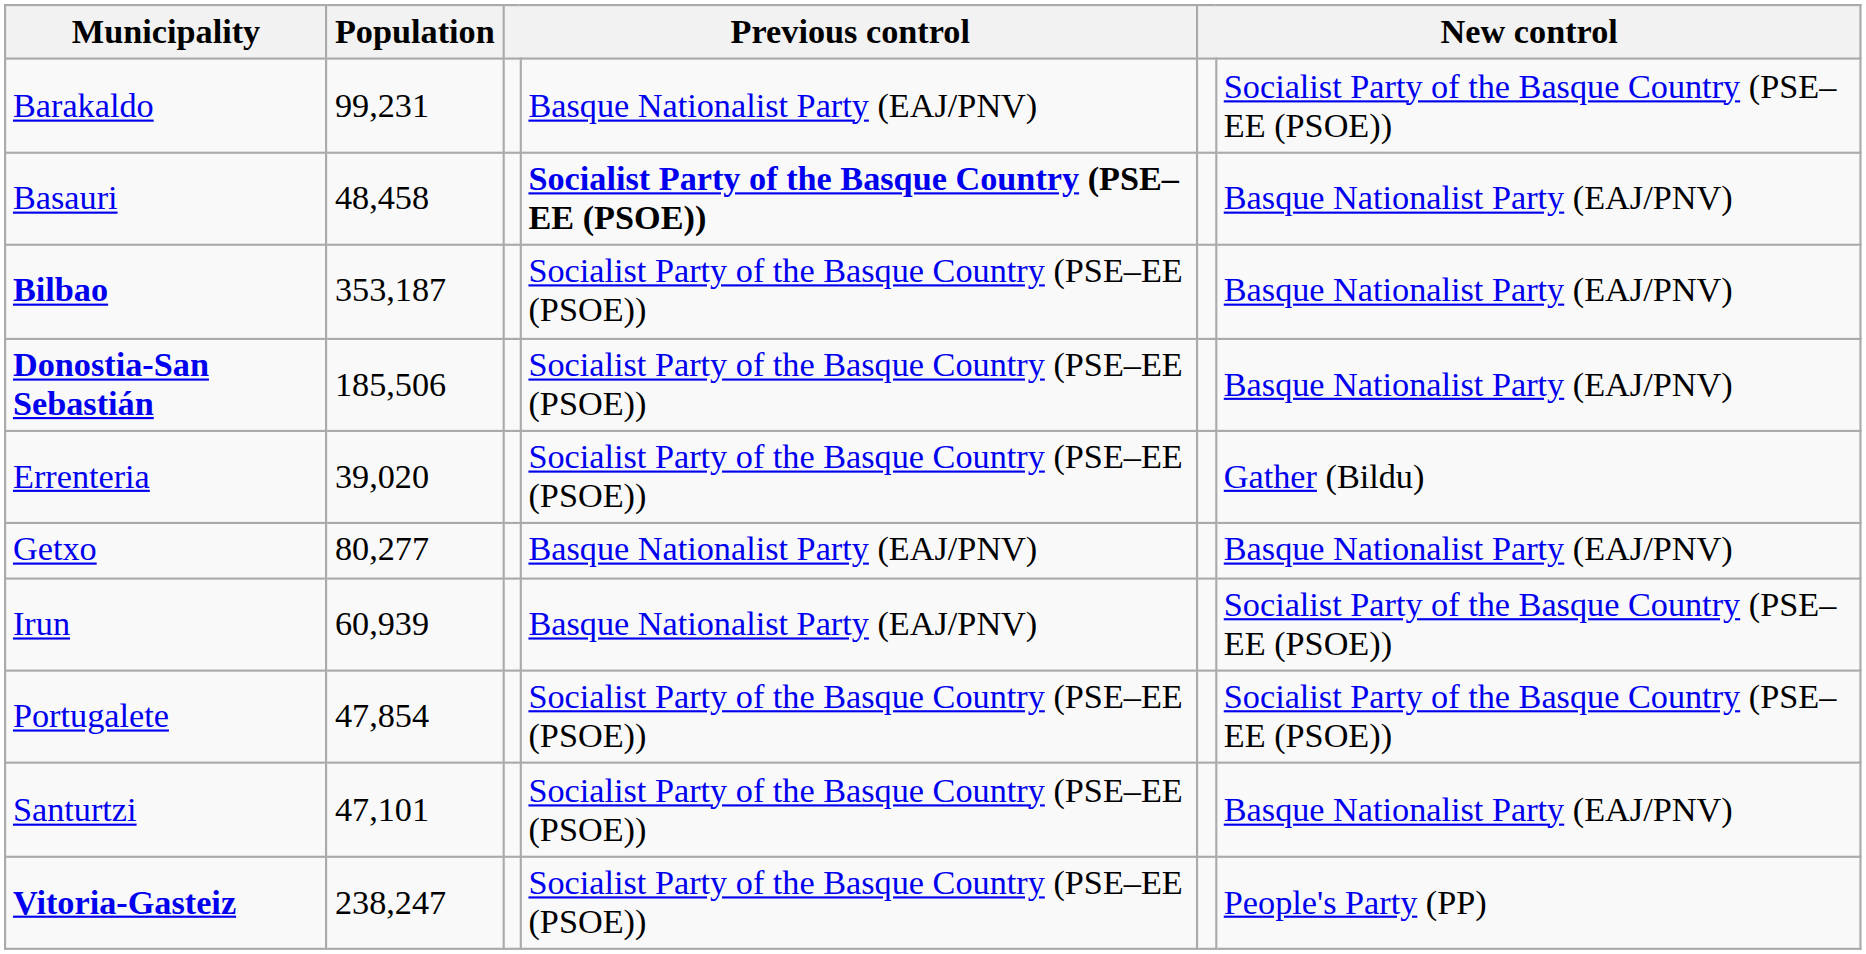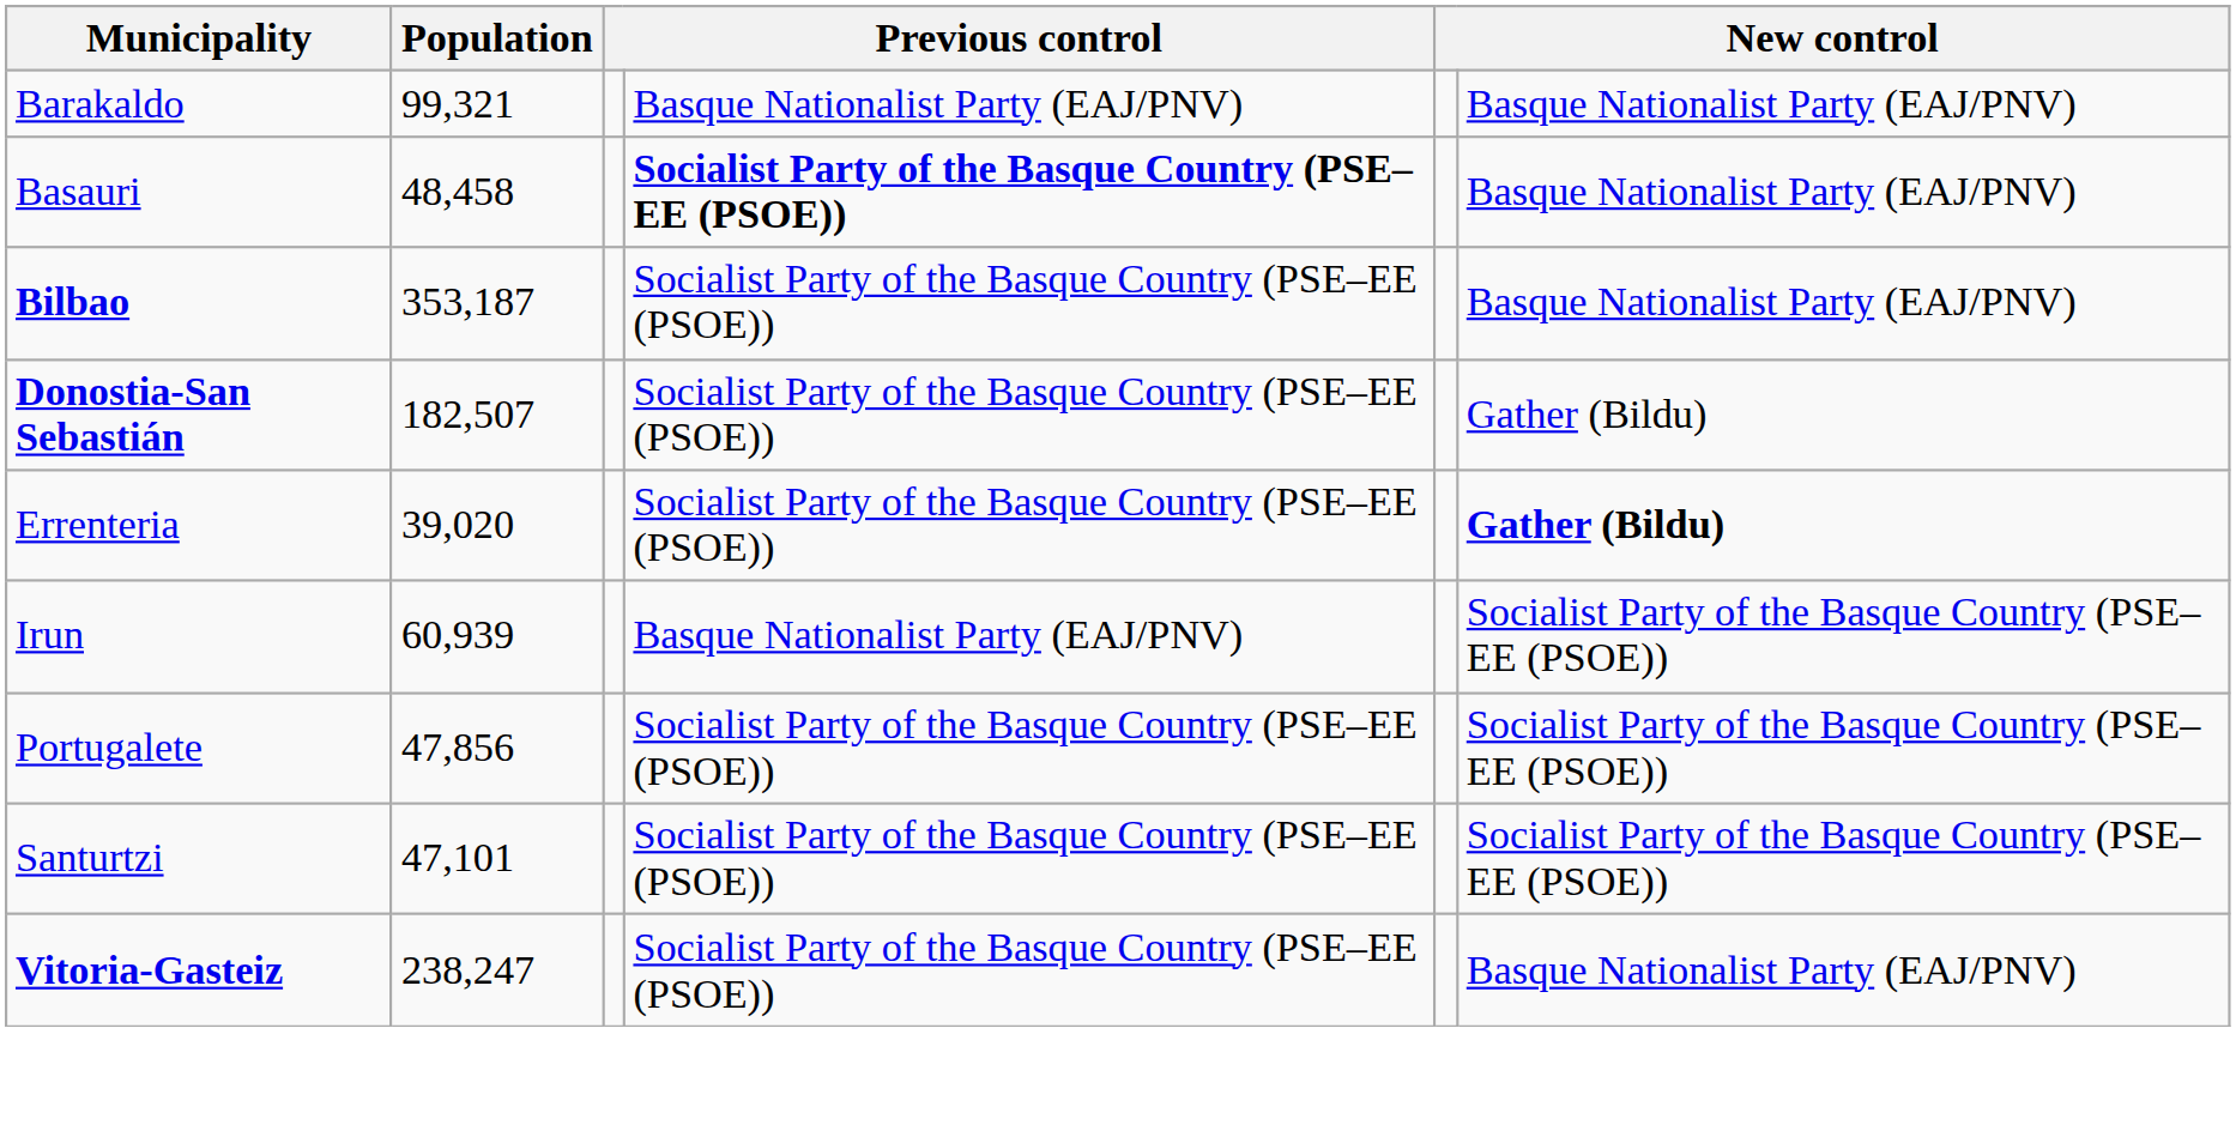 <table class="wikitable sortable">
 <tr>
 <th>Municipality</th>
 <th>Population</th>
 <th colspan="2" style="width:375px;">Previous control</th>
 <th colspan="2" style="width:375px;">New control</th>
 </tr>
 <tr>
 <td><a href='#'>Barakaldo</a></td>
-<td>99,231</td>
+<td>99,321</td>
 <td width="1" style="color:inherit;background:"></td>
 <td><a href='#'>Basque Nationalist Party</a> (EAJ/PNV)</td>
 <td width="1" style="color:inherit;background:"></td>
-<td><a href='#'>Socialist Party of the Basque Country</a> (PSE–EE (PSOE))</td>
+<td><a href='#'>Basque Nationalist Party</a> (EAJ/PNV)</td>
 </tr>
 <tr>
 <td><a href='#'>Basauri</a></td>
 <td>48,458</td>
 <td style="color:inherit;background:"></td>
 <td><strong><a href='#'>Socialist Party of the Basque Country</a> (PSE–EE (PSOE))</strong></td>
 <td style="color:inherit;background:"></td>
 <td><a href='#'>Basque Nationalist Party</a> (EAJ/PNV)</td>
 </tr>
 <tr>
 <td><strong><a href='#'>Bilbao</a></strong></td>
 <td>353,187</td>
 <td style="color:inherit;background:"></td>
 <td><a href='#'>Socialist Party of the Basque Country</a> (PSE–EE (PSOE))</td>
 <td style="color:inherit;background:"></td>
 <td><a href='#'>Basque Nationalist Party</a> (EAJ/PNV)</td>
 </tr>
 <tr>
 <td><strong><a href='#'>Donostia-San Sebastián</a></strong></td>
-<td>185,506</td>
+<td>182,507</td>
 <td style="color:inherit;background:"></td>
 <td><a href='#'>Socialist Party of the Basque Country</a> (PSE–EE (PSOE))</td>
 <td style="color:inherit;background:"></td>
-<td><a href='#'>Basque Nationalist Party</a> (EAJ/PNV)</td>
+<td><a href='#'>Gather</a> (Bildu)</td>
 </tr>
 <tr>
 <td><a href='#'>Errenteria</a></td>
 <td>39,020</td>
 <td style="color:inherit;background:"></td>
 <td><a href='#'>Socialist Party of the Basque Country</a> (PSE–EE (PSOE))</td>
 <td style="color:inherit;background:"></td>
-<td><a href='#'>Gather</a> (Bildu)</td>
-</tr>
-<tr>
-<td><a href='#'>Getxo</a></td>
-<td>80,277</td>
-<td style="color:inherit;background:"></td>
-<td><a href='#'>Basque Nationalist Party</a> (EAJ/PNV)</td>
-<td style="color:inherit;background:"></td>
-<td><a href='#'>Basque Nationalist Party</a> (EAJ/PNV)</td>
+<td><strong><a href='#'>Gather</a> (Bildu)</strong></td>
 </tr>
 <tr>
 <td><a href='#'>Irun</a></td>
 <td>60,939</td>
 <td style="color:inherit;background:"></td>
 <td><a href='#'>Basque Nationalist Party</a> (EAJ/PNV)</td>
 <td style="color:inherit;background:"></td>
 <td><a href='#'>Socialist Party of the Basque Country</a> (PSE–EE (PSOE))</td>
 </tr>
 <tr>
 <td><a href='#'>Portugalete</a></td>
-<td>47,854</td>
+<td>47,856</td>
 <td style="color:inherit;background:"></td>
 <td><a href='#'>Socialist Party of the Basque Country</a> (PSE–EE (PSOE))</td>
 <td style="color:inherit;background:"></td>
 <td><a href='#'>Socialist Party of the Basque Country</a> (PSE–EE (PSOE))</td>
 </tr>
 <tr>
 <td><a href='#'>Santurtzi</a></td>
 <td>47,101</td>
 <td style="color:inherit;background:"></td>
 <td><a href='#'>Socialist Party of the Basque Country</a> (PSE–EE (PSOE))</td>
 <td style="color:inherit;background:"></td>
-<td><a href='#'>Basque Nationalist Party</a> (EAJ/PNV)</td>
+<td><a href='#'>Socialist Party of the Basque Country</a> (PSE–EE (PSOE))</td>
 </tr>
 <tr>
 <td><strong><a href='#'>Vitoria-Gasteiz</a></strong></td>
 <td>238,247</td>
 <td style="color:inherit;background:"></td>
 <td><a href='#'>Socialist Party of the Basque Country</a> (PSE–EE (PSOE))</td>
 <td style="color:inherit;background:"></td>
-<td><a href='#'>People's Party</a> (PP)</td>
+<td><a href='#'>Basque Nationalist Party</a> (EAJ/PNV)</td>
 </tr>
 </table>
